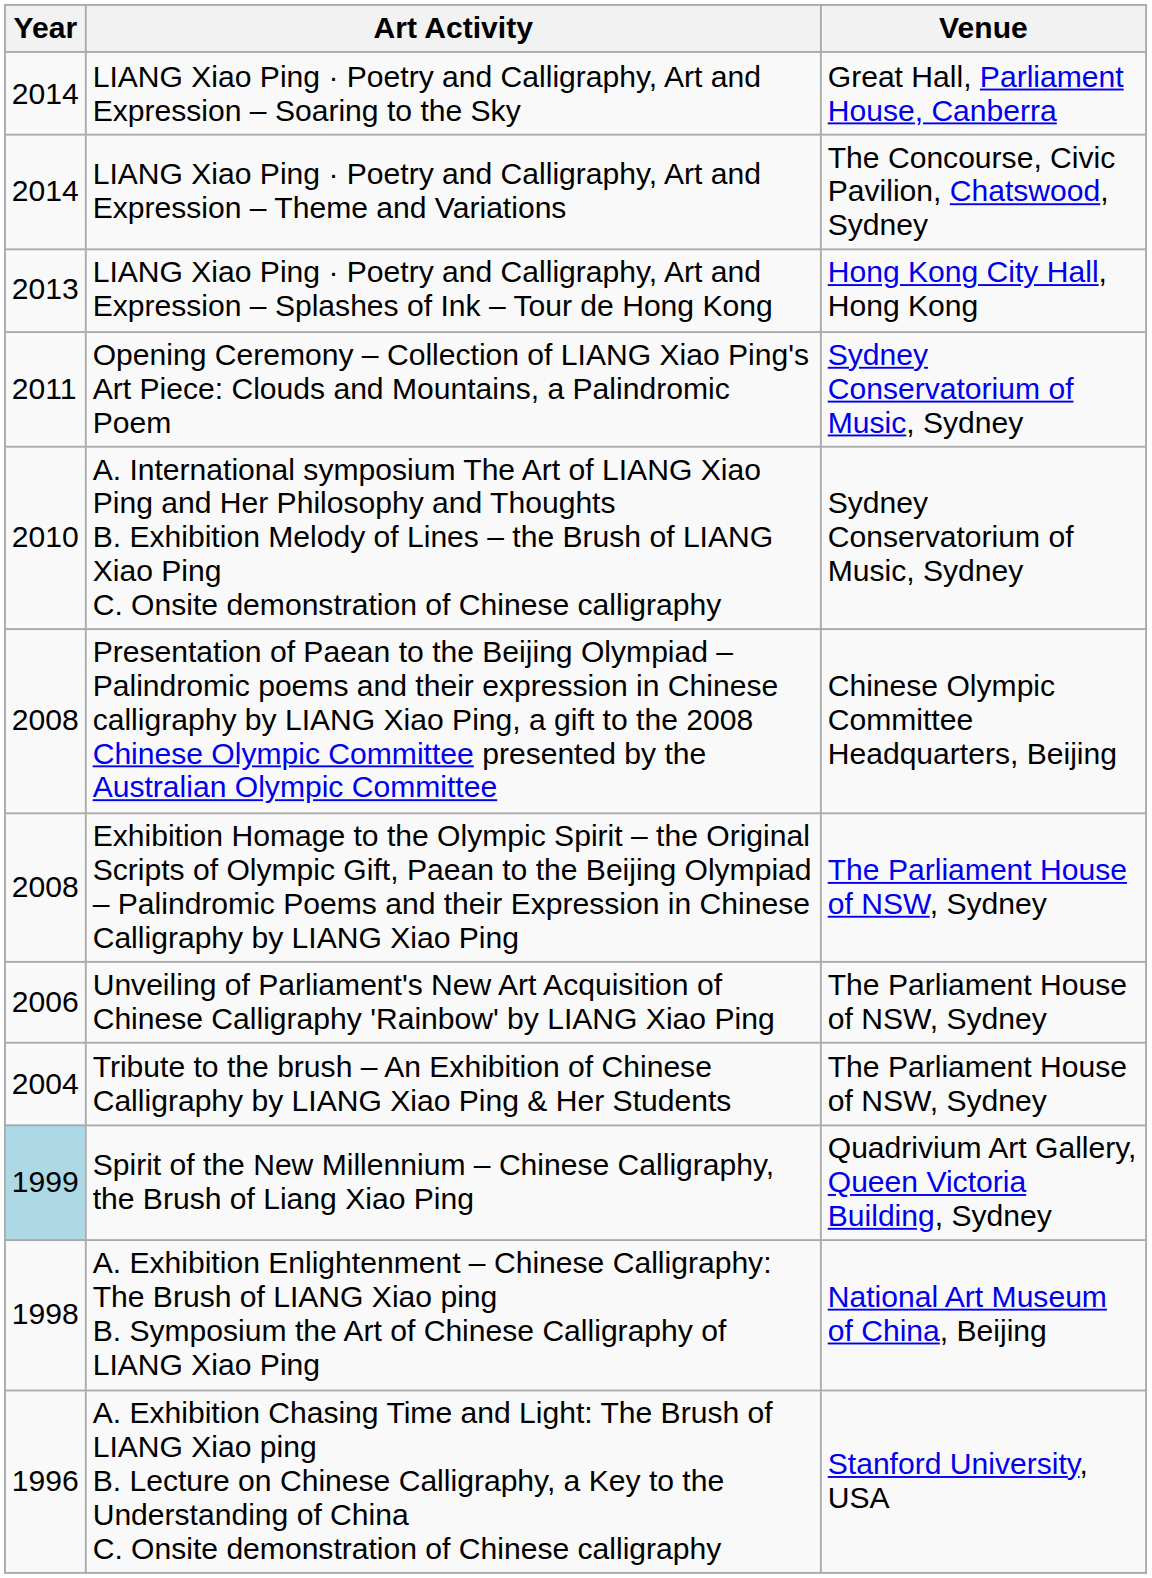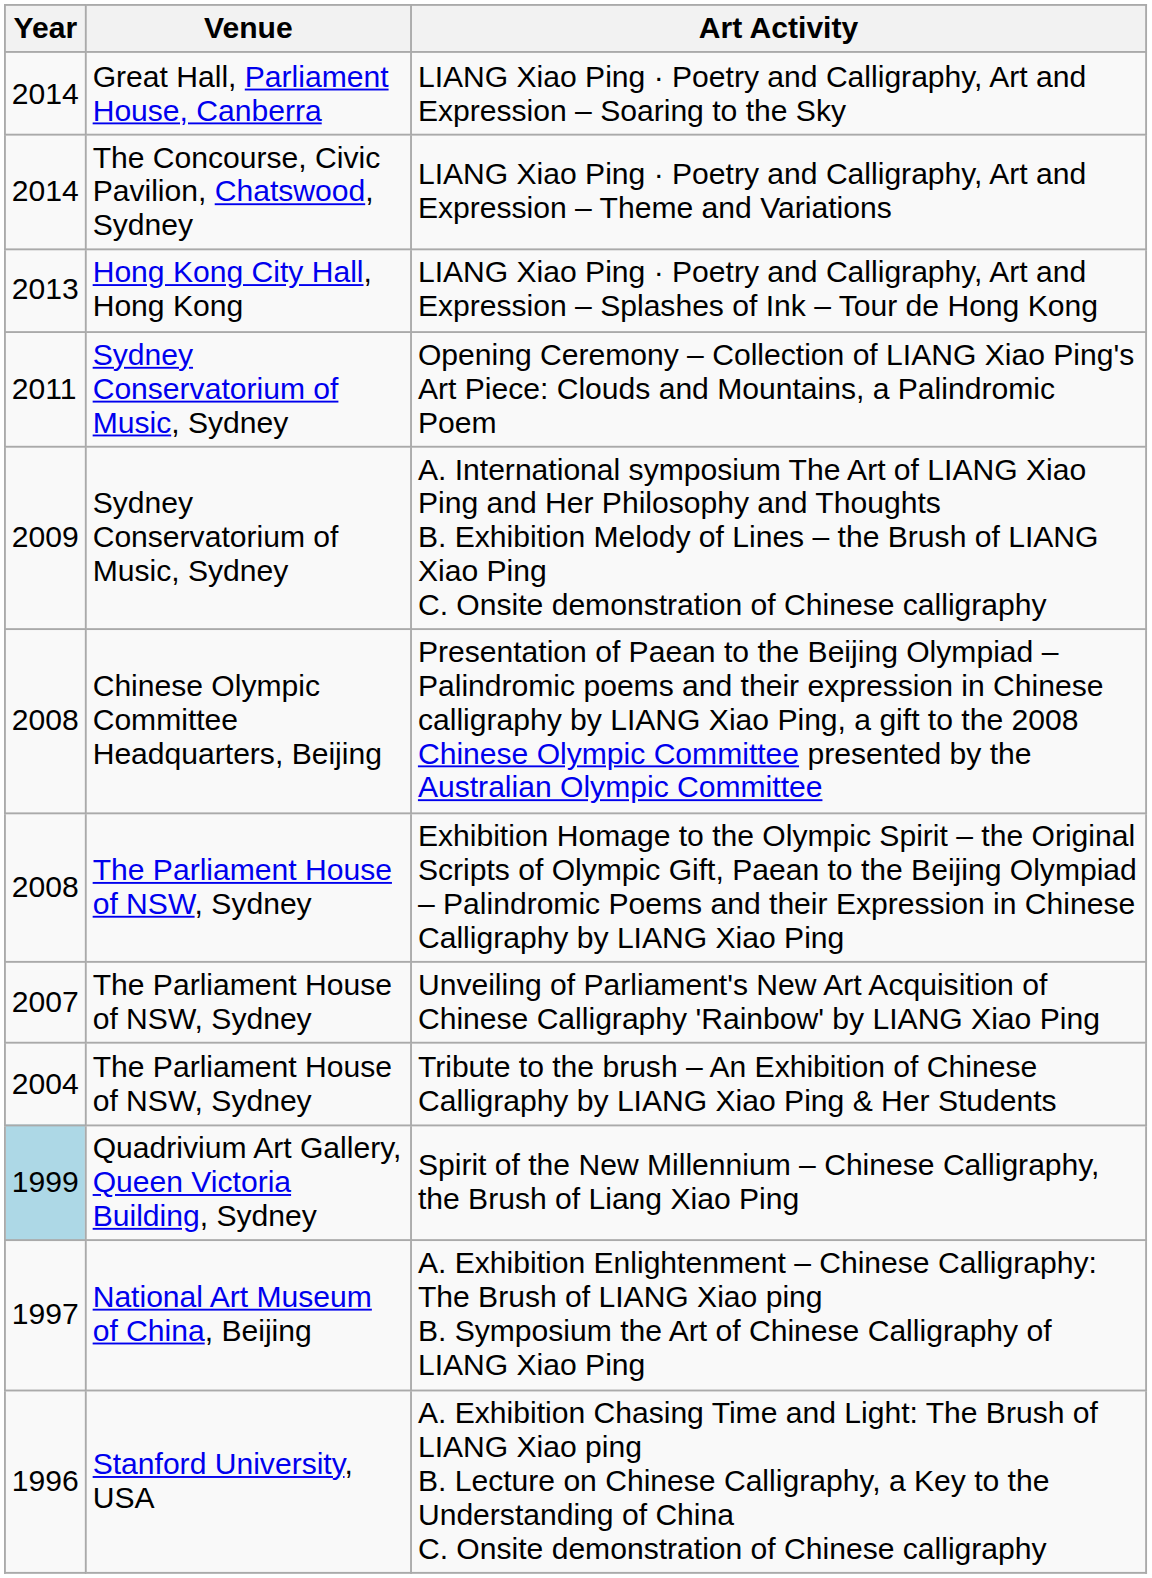 <table class="wikitable sortable">
 <tr>
 <th>Year</th>
+<th>Venue</th>
 <th>Art Activity</th>
-<th>Venue</th>
 </tr>
 <tr>
 <td>2014</td>
+<td>Great Hall, <a href='#'>Parliament House, Canberra</a></td>
 <td>LIANG Xiao Ping · Poetry and Calligraphy, Art and Expression – Soaring to the Sky<br></td>
-<td>Great Hall, <a href='#'>Parliament House, Canberra</a></td>
 </tr>
 <tr>
 <td>2014</td>
+<td>The Concourse, Civic Pavilion, <a href='#'>Chatswood</a>, Sydney</td>
 <td>LIANG Xiao Ping · Poetry and Calligraphy, Art and Expression – Theme and Variations<br></td>
-<td>The Concourse, Civic Pavilion, <a href='#'>Chatswood</a>, Sydney</td>
 </tr>
 <tr>
 <td>2013</td>
+<td><a href='#'>Hong Kong City Hall</a>, Hong Kong</td>
 <td>LIANG Xiao Ping · Poetry and Calligraphy, Art and Expression – Splashes of Ink – Tour de Hong Kong<br></td>
-<td><a href='#'>Hong Kong City Hall</a>, Hong Kong</td>
 </tr>
 <tr>
 <td>2011</td>
+<td><a href='#'>Sydney Conservatorium of Music</a>, Sydney</td>
 <td>Opening Ceremony – Collection of LIANG Xiao Ping's Art Piece: Clouds and Mountains, a Palindromic Poem<br></td>
-<td><a href='#'>Sydney Conservatorium of Music</a>, Sydney</td>
 </tr>
 <tr>
-<td>2010</td>
+<td>2009</td>
+<td>Sydney Conservatorium of Music, Sydney</td>
 <td>A. International symposium The Art of LIANG Xiao Ping and Her Philosophy and Thoughts<br>B. Exhibition Melody of Lines – the Brush of LIANG Xiao Ping<br>C. Onsite demonstration of Chinese calligraphy<br></td>
-<td>Sydney Conservatorium of Music, Sydney</td>
 </tr>
 <tr>
 <td>2008</td>
+<td>Chinese Olympic Committee Headquarters, Beijing</td>
 <td>Presentation of Paean to the Beijing Olympiad – Palindromic poems and their expression in Chinese calligraphy by LIANG Xiao Ping, a gift to the 2008 <a href='#'>Chinese Olympic Committee</a> presented by the <a href='#'>Australian Olympic Committee</a><br></td>
-<td>Chinese Olympic Committee Headquarters, Beijing</td>
 </tr>
 <tr>
 <td>2008</td>
+<td><a href='#'>The Parliament House of NSW</a>, Sydney</td>
 <td>Exhibition Homage to the Olympic Spirit – the Original Scripts of Olympic Gift, Paean to the Beijing Olympiad – Palindromic Poems and their Expression in Chinese Calligraphy by LIANG Xiao Ping</td>
-<td><a href='#'>The Parliament House of NSW</a>, Sydney</td>
 </tr>
 <tr>
-<td>2006</td>
+<td>2007</td>
+<td>The Parliament House of NSW, Sydney</td>
 <td>Unveiling of Parliament's New Art Acquisition of Chinese Calligraphy 'Rainbow' by LIANG Xiao Ping<br></td>
-<td>The Parliament House of NSW, Sydney</td>
 </tr>
 <tr>
 <td>2004</td>
+<td>The Parliament House of NSW, Sydney</td>
 <td>Tribute to the brush – An Exhibition of Chinese Calligraphy by LIANG Xiao Ping & Her Students<br></td>
-<td>The Parliament House of NSW, Sydney</td>
 </tr>
 <tr>
 <td style="background: lightblue;">1999</td>
+<td>Quadrivium Art Gallery, <a href='#'>Queen Victoria Building</a>, Sydney</td>
 <td>Spirit of the New Millennium – Chinese Calligraphy, the Brush of Liang Xiao Ping<br></td>
-<td>Quadrivium Art Gallery, <a href='#'>Queen Victoria Building</a>, Sydney</td>
 </tr>
 <tr>
-<td>1998</td>
+<td>1997</td>
+<td><a href='#'>National Art Museum of China</a>, Beijing</td>
 <td>A. Exhibition Enlightenment – Chinese Calligraphy: The Brush of LIANG Xiao ping<br>B. Symposium the Art of Chinese Calligraphy of LIANG Xiao Ping<br></td>
-<td><a href='#'>National Art Museum of China</a>, Beijing</td>
 </tr>
 <tr>
 <td>1996</td>
+<td><a href='#'>Stanford University</a>, USA</td>
 <td>A. Exhibition Chasing Time and Light: The Brush of LIANG Xiao ping <br>B. Lecture on Chinese Calligraphy, a Key to the Understanding of China <br>C. Onsite demonstration of Chinese calligraphy<br></td>
-<td><a href='#'>Stanford University</a>, USA</td>
 </tr>
 </table>
